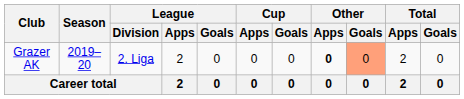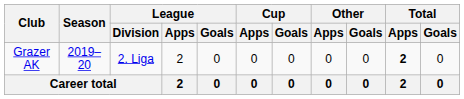 <table class="wikitable" style="text-align: center">
 <tr>
 <th rowspan="2">Club</th>
 <th rowspan="2">Season</th>
 <th colspan="3">League</th>
 <th colspan="2">Cup</th>
 <th colspan="2">Other</th>
 <th colspan="2">Total</th>
 </tr>
 <tr>
 <th>Division</th>
 <th>Apps</th>
 <th>Goals</th>
 <th>Apps</th>
 <th>Goals</th>
 <th>Apps</th>
 <th>Goals</th>
 <th>Apps</th>
 <th>Goals</th>
 </tr>
 <tr>
 <td><a href='#'>Grazer AK</a></td>
 <td><a href='#'>2019–20</a></td>
 <td><a href='#'>2. Liga</a></td>
 <td>2</td>
 <td>0</td>
 <td>0</td>
 <td>0</td>
-<td><strong>0</strong></td>
-<td style="background: lightsalmon;">0</td>
-<td>2</td>
+<td>0</td>
+<td>0</td>
+<td><strong>2</strong></td>
 <td>0</td>
 </tr>
 <tr>
 <th colspan="3"><strong>Career total</strong></th>
 <th>2</th>
 <th>0</th>
 <th>0</th>
 <th>0</th>
 <th>0</th>
 <th>0</th>
 <th>2</th>
 <th>0</th>
 </tr>
 </table>
